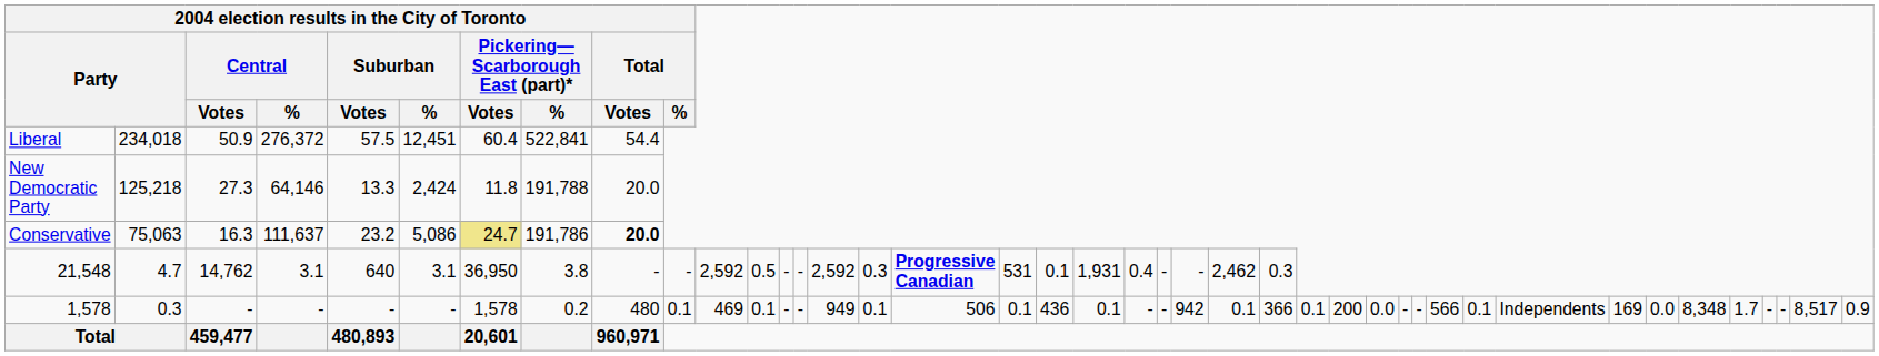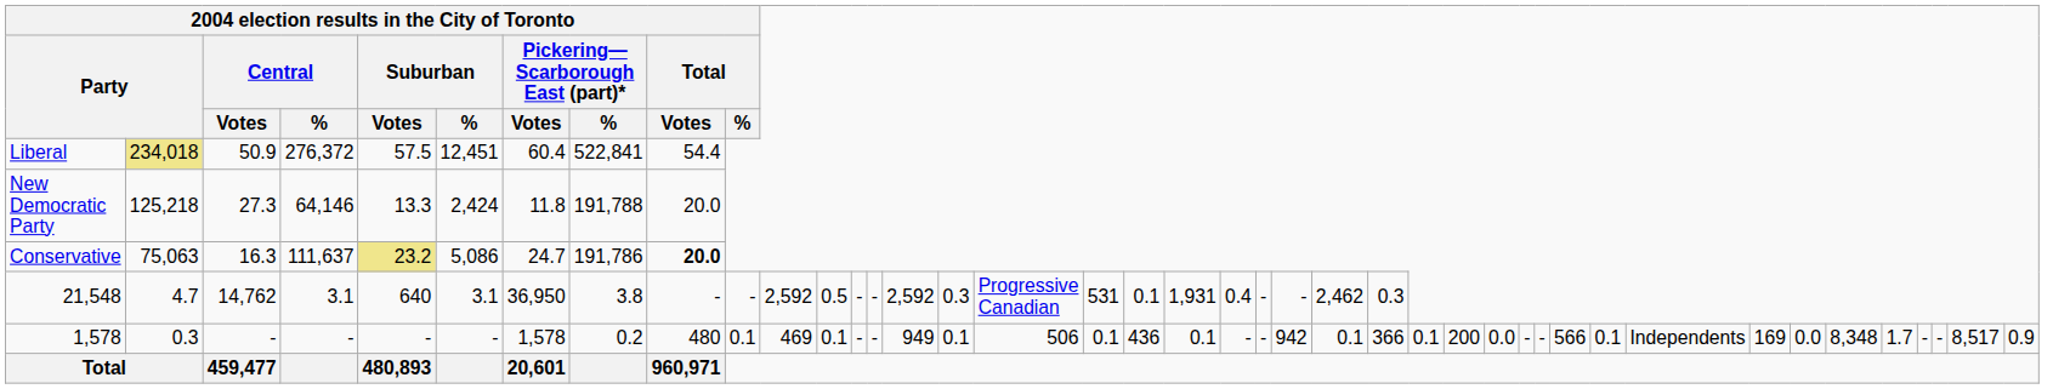 <table class="wikitable mw-collapsible mw-collapsed">
 <tr>
 <th align="center" colspan=10>2004 election results in the City of Toronto</th>
 </tr>
 <tr>
 <th align="centre" colspan=2 rowspan=2>Party</th>
 <th align="centre" colspan=2><a href='#'>Central</a></th>
 <th align="centre" colspan=2>Suburban</th>
 <th align="centre" colspan=2><a href='#'>Pickering—<br>Scarborough<br>East</a> (part)*</th>
 <th align="centre" colspan=2>Total</th>
 </tr>
 <tr>
 <th align="right">Votes</th>
 <th align="right">%</th>
 <th align="right">Votes</th>
 <th align="right">%</th>
 <th align="right">Votes</th>
 <th align="right">%</th>
 <th align="right">Votes</th>
 <th align="right">%</th>
 </tr>
 <tr>
 <td style="width: 130px"><a href='#'>Liberal</a></td>
-<td align="right">234,018</td>
+<td align="right" style="background: khaki;">234,018</td>
 <td align="right">50.9</td>
 <td align="right">276,372</td>
 <td align="right">57.5</td>
 <td align="right">12,451</td>
 <td align="right">60.4</td>
 <td align="right">522,841</td>
 <td align="right">54.4</td>
 </tr>
 <tr>
 <td><a href='#'>New Democratic Party</a></td>
 <td align="right">125,218</td>
 <td align="right">27.3</td>
 <td align="right">64,146</td>
 <td align="right">13.3</td>
 <td align="right">2,424</td>
 <td align="right">11.8</td>
 <td align="right">191,788</td>
 <td align="right">20.0</td>
 </tr>
 <tr>
 <td><a href='#'>Conservative</a></td>
 <td align="right">75,063</td>
 <td align="right">16.3</td>
 <td align="right">111,637</td>
-<td align="right">23.2</td>
+<td align="right" style="background: khaki;">23.2</td>
 <td align="right">5,086</td>
-<td align="right" style="background: khaki;">24.7</td>
+<td align="right">24.7</td>
 <td align="right">191,786</td>
 <td align="right"><strong>20.0</strong></td>
 </tr>
 <tr>
 <td align="right">21,548</td>
 <td align="right">4.7</td>
 <td align="right">14,762</td>
 <td align="right">3.1</td>
 <td align="right">640</td>
 <td align="right">3.1</td>
 <td align="right">36,950</td>
 <td align="right">3.8<br></td>
 <td align="right">-</td>
 <td align="right">-</td>
 <td align="right">2,592</td>
 <td align="right">0.5</td>
 <td align="right">-</td>
 <td align="right">-</td>
 <td align="right">2,592</td>
 <td align="right">0.3<br></td>
-<td><strong><a href='#'>Progressive Canadian</a></strong></td>
+<td><a href='#'>Progressive Canadian</a></td>
 <td align="right">531</td>
 <td align="right">0.1</td>
 <td align="right">1,931</td>
 <td align="right">0.4</td>
 <td align="right">-</td>
 <td align="right">-</td>
 <td align="right">2,462</td>
 <td align="right">0.3</td>
 </tr>
 <tr>
 <td align="right">1,578</td>
 <td align="right">0.3</td>
 <td align="right">-</td>
 <td align="right">-</td>
 <td align="right">-</td>
 <td align="right">-</td>
 <td align="right">1,578</td>
 <td align="right">0.2<br></td>
 <td align="right">480</td>
 <td align="right">0.1</td>
 <td align="right">469</td>
 <td align="right">0.1</td>
 <td align="right">-</td>
 <td align="right">-</td>
 <td align="right">949</td>
 <td align="right">0.1<br></td>
 <td align="right">506</td>
 <td align="right">0.1</td>
 <td align="right">436</td>
 <td align="right">0.1</td>
 <td align="right">-</td>
 <td align="right">-</td>
 <td align="right">942</td>
 <td align="right">0.1<br></td>
 <td align="right">366</td>
 <td align="right">0.1</td>
 <td align="right">200</td>
 <td align="right">0.0</td>
 <td align="right">-</td>
 <td align="right">-</td>
 <td align="right">566</td>
 <td align="right">0.1<br></td>
 <td>Independents</td>
 <td align="right">169</td>
 <td align="right">0.0</td>
 <td align="right">8,348</td>
 <td align="right">1.7</td>
 <td align="right">-</td>
 <td align="right">-</td>
 <td align="right">8,517</td>
 <td align="right">0.9</td>
 </tr>
 <tr bgcolor="white">
 <th align="left" colspan=2>Total</th>
 <th align="right">459,477</th>
 <th align="right"></th>
 <th align="right">480,893</th>
 <th align="right"></th>
 <th align="right">20,601</th>
 <th align="right"></th>
 <th align="right">960,971</th>
 </tr>
 </table>
